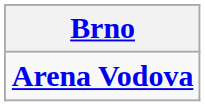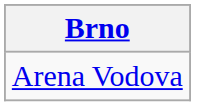 <table class="wikitable" style="text-align=center">
 <tr>
 <th><strong><a href='#'>Brno</a></strong></th>
 </tr>
 <tr>
-<td><strong><a href='#'>Arena Vodova</a></strong></td>
+<td><a href='#'>Arena Vodova</a></td>
 </tr>
 </table>
